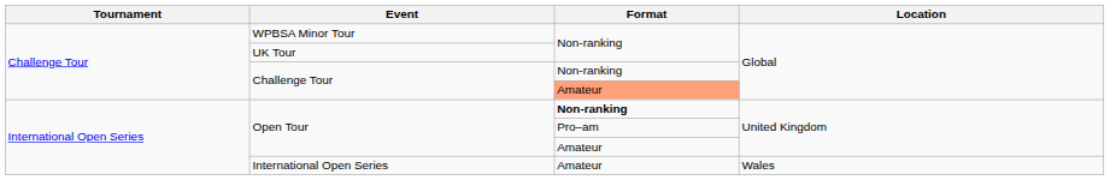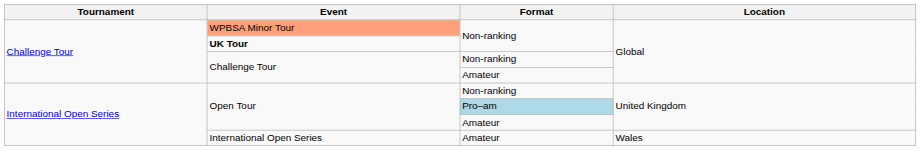 <table class="wikitable">
 <tr>
 <th style="width:20em;">Tournament</th>
 <th style="width:25em;">Event</th>
 <th style="width:15em;">Format</th>
 <th style="width:30em;">Location</th>
 </tr>
 <tr>
 <td rowspan="4"><a href='#'>Challenge Tour</a></td>
-<td>WPBSA Minor Tour <br> </td>
+<td style="background: lightsalmon;">WPBSA Minor Tour <br> </td>
 <td rowspan="2">Non-ranking</td>
 <td rowspan="4">Global </td>
 </tr>
 <tr>
-<td>UK Tour <br> </td>
+<td><strong>UK Tour <br> </strong></td>
 </tr>
 <tr>
 <td rowspan="2">Challenge Tour <br> </td>
 <td>Non-ranking <br> </td>
 </tr>
 <tr>
-<td style="background: lightsalmon;">Amateur <br> </td>
+<td>Amateur <br> </td>
 </tr>
 <tr>
 <td rowspan="4"><a href='#'>International Open Series</a></td>
 <td rowspan="3">Open Tour <br> </td>
-<td><strong>Non-ranking<br></strong></td>
+<td>Non-ranking<br></td>
 <td rowspan="3">United Kingdom </td>
 </tr>
 <tr>
-<td>Pro–am<br></td>
+<td style="background: lightblue;">Pro–am<br></td>
 </tr>
 <tr>
 <td>Amateur<br></td>
 </tr>
 <tr>
 <td>International Open Series <br> </td>
 <td>Amateur</td>
 <td>Wales </td>
 </tr>
 </table>
